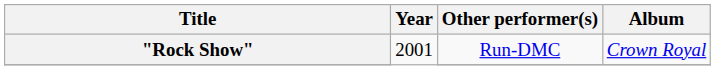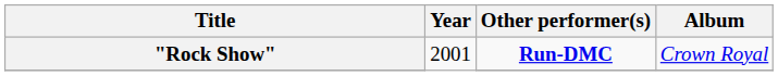 <table class="wikitable plainrowheaders" style="text-align:center;">
 <tr>
 <th scope="col" style="width:20em;">Title</th>
 <th scope="col">Year</th>
 <th scope="col">Other performer(s)</th>
 <th scope="col">Album</th>
 </tr>
 <tr>
 <th scope="row">"Rock Show"</th>
 <td rowspan="2">2001</td>
-<td><a href='#'>Run-DMC</a></td>
+<td><strong><a href='#'>Run-DMC</a></strong></td>
 <td><em><a href='#'>Crown Royal</a></em></td>
 </tr>
 <tr>
 </tr>
 </table>
